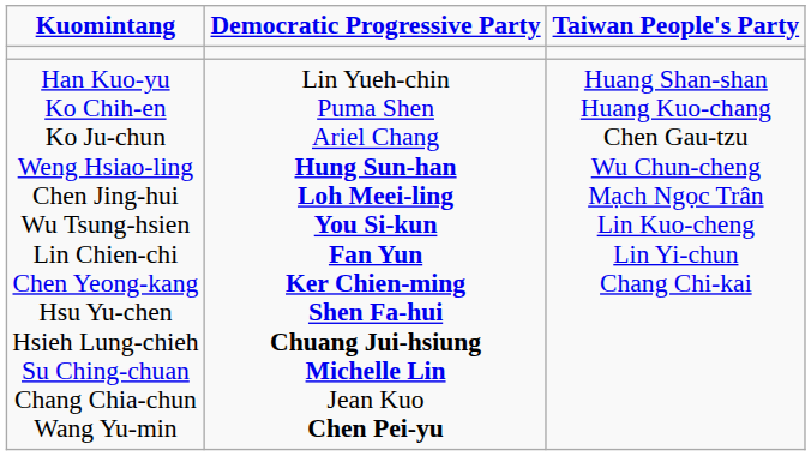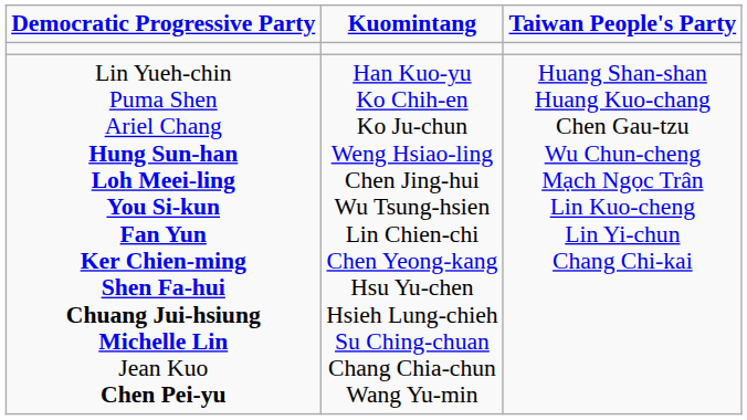 <table class="wikitable sortable" style="text-align:center; margin:auto">
 <tr>
+<td><strong><a href='#'>Democratic Progressive Party</a></strong></td>
 <td><strong><a href='#'>Kuomintang</a></strong></td>
-<td><strong><a href='#'>Democratic Progressive Party</a></strong></td>
 <td><strong><a href='#'>Taiwan People's Party</a></strong></td>
 </tr>
 <tr>
 <td></td>
 <td></td>
 <td></td>
 </tr>
 <tr>
+<td valign=top>Lin Yueh-chin<br><a href='#'>Puma Shen</a><br><a href='#'>Ariel Chang</a><br><strong><a href='#'>Hung Sun-han</a></strong><br><strong><a href='#'>Loh Meei-ling</a></strong><br><strong><a href='#'>You Si-kun</a></strong><br><strong><a href='#'>Fan Yun</a></strong><br><strong><a href='#'>Ker Chien-ming</a></strong><br><strong><a href='#'>Shen Fa-hui</a></strong><br><strong>Chuang Jui-hsiung</strong><br><strong><a href='#'>Michelle Lin</a></strong><br>Jean Kuo<br><strong>Chen Pei-yu</strong></td>
 <td valign=top><a href='#'>Han Kuo-yu</a><br><a href='#'>Ko Chih-en</a><br>Ko Ju-chun<br><a href='#'>Weng Hsiao-ling</a><br>Chen Jing-hui<br>Wu Tsung-hsien<br>Lin Chien-chi<br><a href='#'>Chen Yeong-kang</a><br>Hsu Yu-chen<br>Hsieh Lung-chieh<br><a href='#'>Su Ching-chuan</a><br>Chang Chia-chun<br>Wang Yu-min</td>
-<td valign=top>Lin Yueh-chin<br><a href='#'>Puma Shen</a><br><a href='#'>Ariel Chang</a><br><strong><a href='#'>Hung Sun-han</a></strong><br><strong><a href='#'>Loh Meei-ling</a></strong><br><strong><a href='#'>You Si-kun</a></strong><br><strong><a href='#'>Fan Yun</a></strong><br><strong><a href='#'>Ker Chien-ming</a></strong><br><strong><a href='#'>Shen Fa-hui</a></strong><br><strong>Chuang Jui-hsiung</strong><br><strong><a href='#'>Michelle Lin</a></strong><br>Jean Kuo<br><strong>Chen Pei-yu</strong></td>
 <td valign=top><a href='#'>Huang Shan-shan</a><br><a href='#'>Huang Kuo-chang</a><br>Chen Gau-tzu<br><a href='#'>Wu Chun-cheng</a><br><a href='#'>Mạch Ngọc Trân</a><br><a href='#'>Lin Kuo-cheng</a><br><a href='#'>Lin Yi-chun</a><br><a href='#'>Chang Chi-kai</a></td>
 </tr>
 </table>
